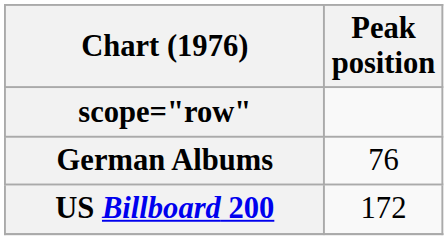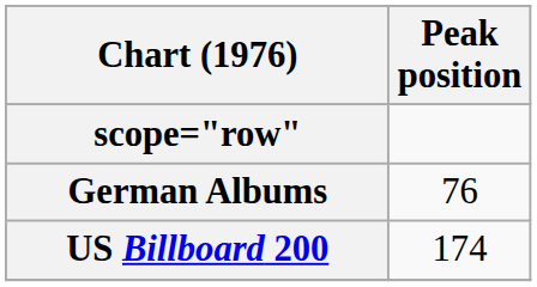 <table class="wikitable plainrowheaders sortable" style="text-align:center;">
 <tr>
 <th scope="col" style="width:10em;">Chart (1976)</th>
 <th scope="col">Peak<br>position</th>
 </tr>
 <tr>
 <th>scope="row" </th>
 </tr>
 <tr>
 <th scope="row">German Albums</th>
 <td>76</td>
 </tr>
 <tr>
 <th scope="row">US <a href='#'><em>Billboard</em> 200</a></th>
-<td>172</td>
+<td>174</td>
 </tr>
 <tr>
 </tr>
 </table>
